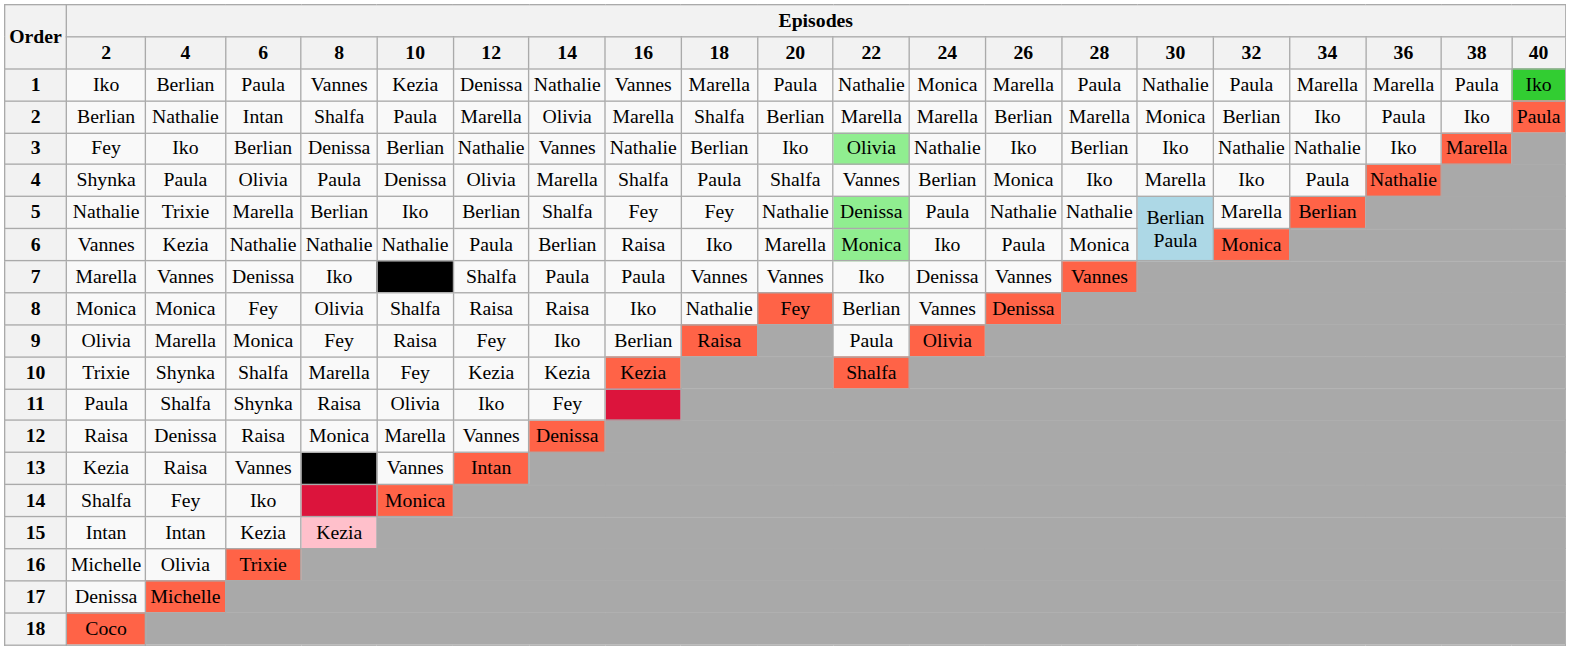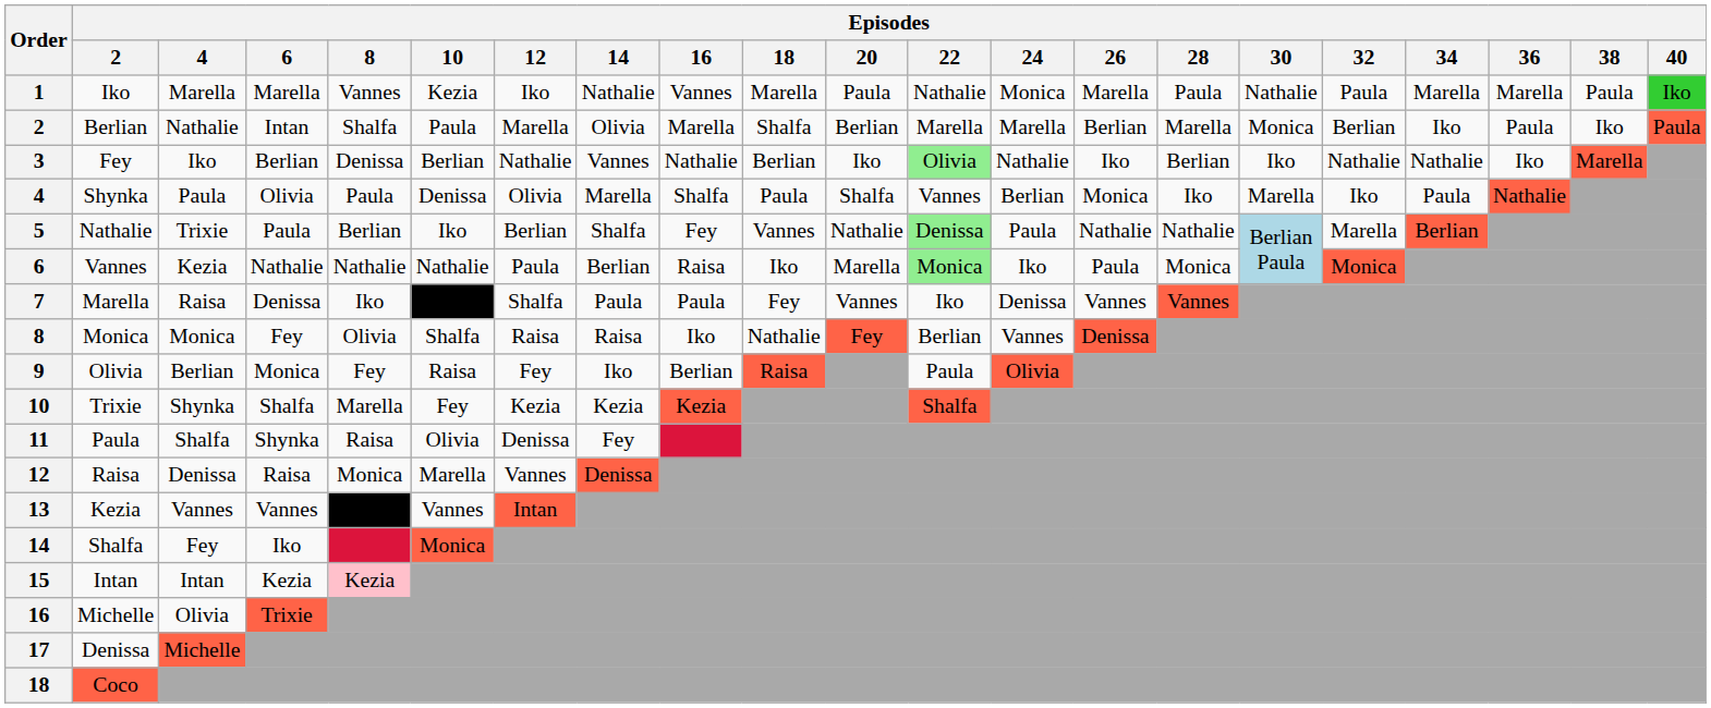 <table class="wikitable" style="text-align:center; font-size:92%">
 <tr>
 <th rowspan="2">Order</th>
 <th colspan="20">Episodes</th>
 </tr>
 <tr>
 <th>2</th>
 <th>4</th>
 <th>6</th>
 <th>8</th>
 <th>10</th>
 <th>12</th>
 <th>14</th>
 <th>16</th>
 <th>18</th>
 <th>20</th>
 <th>22</th>
 <th>24</th>
 <th>26</th>
 <th>28</th>
 <th>30</th>
 <th>32</th>
 <th>34</th>
 <th>36</th>
 <th>38</th>
 <th>40</th>
 </tr>
 <tr>
 <th>1</th>
 <td>Iko</td>
-<td>Berlian</td>
-<td>Paula</td>
+<td>Marella</td>
+<td>Marella</td>
 <td>Vannes</td>
 <td>Kezia</td>
-<td>Denissa</td>
+<td>Iko</td>
 <td>Nathalie</td>
 <td>Vannes</td>
 <td>Marella</td>
 <td>Paula</td>
 <td>Nathalie</td>
 <td>Monica</td>
 <td>Marella</td>
 <td>Paula</td>
 <td>Nathalie</td>
 <td>Paula</td>
 <td>Marella</td>
 <td>Marella</td>
 <td>Paula</td>
 <td bgcolor="limegreen">Iko</td>
 </tr>
 <tr>
 <th>2</th>
 <td>Berlian</td>
 <td>Nathalie</td>
 <td>Intan</td>
 <td>Shalfa</td>
 <td>Paula</td>
 <td>Marella</td>
 <td>Olivia</td>
 <td>Marella</td>
 <td>Shalfa</td>
 <td>Berlian</td>
 <td>Marella</td>
 <td>Marella</td>
 <td>Berlian</td>
 <td>Marella</td>
 <td>Monica</td>
 <td>Berlian</td>
 <td>Iko</td>
 <td>Paula</td>
 <td>Iko</td>
 <td bgcolor="tomato">Paula</td>
 </tr>
 <tr>
 <th>3</th>
 <td>Fey</td>
 <td>Iko</td>
 <td>Berlian</td>
 <td>Denissa</td>
 <td>Berlian</td>
 <td>Nathalie</td>
 <td>Vannes</td>
 <td>Nathalie</td>
 <td>Berlian</td>
 <td>Iko</td>
 <td bgcolor="lightgreen">Olivia</td>
 <td>Nathalie</td>
 <td>Iko</td>
 <td>Berlian</td>
 <td>Iko</td>
 <td>Nathalie</td>
 <td>Nathalie</td>
 <td>Iko</td>
 <td bgcolor="tomato">Marella</td>
 <td colspan="18" bgcolor="darkgrey"></td>
 </tr>
 <tr>
 <th>4</th>
 <td>Shynka</td>
 <td>Paula</td>
 <td>Olivia</td>
 <td>Paula</td>
 <td>Denissa</td>
 <td>Olivia</td>
 <td>Marella</td>
 <td>Shalfa</td>
 <td>Paula</td>
 <td>Shalfa</td>
 <td>Vannes</td>
 <td>Berlian</td>
 <td>Monica</td>
 <td>Iko</td>
 <td>Marella</td>
 <td>Iko</td>
 <td>Paula</td>
 <td bgcolor="tomato">Nathalie</td>
 <td colspan="18" bgcolor="darkgrey"></td>
 </tr>
 <tr>
 <th>5</th>
 <td>Nathalie</td>
 <td>Trixie</td>
-<td>Marella</td>
+<td>Paula</td>
 <td>Berlian</td>
 <td>Iko</td>
 <td>Berlian</td>
 <td>Shalfa</td>
 <td>Fey</td>
-<td>Fey</td>
+<td>Vannes</td>
 <td>Nathalie</td>
 <td bgcolor="lightgreen">Denissa</td>
 <td>Paula</td>
 <td>Nathalie</td>
 <td>Nathalie</td>
 <td rowspan="2" bgcolor="lightblue">Berlian<br>Paula</td>
 <td>Marella</td>
 <td bgcolor="tomato">Berlian</td>
 <td colspan="18" bgcolor="darkgrey"></td>
 </tr>
 <tr>
 <th>6</th>
 <td>Vannes</td>
 <td>Kezia</td>
 <td>Nathalie</td>
 <td>Nathalie</td>
 <td>Nathalie</td>
 <td>Paula</td>
 <td>Berlian</td>
 <td>Raisa</td>
 <td>Iko</td>
 <td>Marella</td>
 <td bgcolor="lightgreen">Monica</td>
 <td>Iko</td>
 <td>Paula</td>
 <td>Monica</td>
 <td bgcolor="tomato">Monica</td>
 <td colspan="18" bgcolor="darkgrey"></td>
 </tr>
 <tr>
 <th>7</th>
 <td>Marella</td>
-<td>Vannes</td>
+<td>Raisa</td>
 <td>Denissa</td>
 <td>Iko</td>
 <td bgcolor="black"></td>
 <td>Shalfa</td>
 <td>Paula</td>
 <td>Paula</td>
-<td>Vannes</td>
+<td>Fey</td>
 <td>Vannes</td>
 <td>Iko</td>
 <td>Denissa</td>
 <td>Vannes</td>
 <td bgcolor="tomato">Vannes</td>
 <td colspan="18" bgcolor="darkgrey"></td>
 </tr>
 <tr>
 <th>8</th>
 <td>Monica</td>
 <td>Monica</td>
 <td>Fey</td>
 <td>Olivia</td>
 <td>Shalfa</td>
 <td>Raisa</td>
 <td>Raisa</td>
 <td>Iko</td>
 <td>Nathalie</td>
 <td bgcolor="tomato">Fey</td>
 <td>Berlian</td>
 <td>Vannes</td>
 <td bgcolor="tomato">Denissa</td>
 <td colspan="18" bgcolor="darkgrey"></td>
 </tr>
 <tr>
 <th>9</th>
 <td>Olivia</td>
-<td>Marella</td>
+<td>Berlian</td>
 <td>Monica</td>
 <td>Fey</td>
 <td>Raisa</td>
 <td>Fey</td>
 <td>Iko</td>
 <td>Berlian</td>
 <td bgcolor="tomato">Raisa</td>
 <td bgcolor="darkgrey"></td>
 <td>Paula</td>
 <td bgcolor="tomato">Olivia</td>
 <td colspan="18" bgcolor="darkgrey"></td>
 </tr>
 <tr>
 <th>10</th>
 <td>Trixie</td>
 <td>Shynka</td>
 <td>Shalfa</td>
 <td>Marella</td>
 <td>Fey</td>
 <td>Kezia</td>
 <td>Kezia</td>
 <td bgcolor="tomato">Kezia</td>
 <td colspan="2" bgcolor="darkgrey"></td>
 <td bgcolor="tomato">Shalfa</td>
 <td colspan="18" bgcolor="darkgrey"></td>
 </tr>
 <tr>
 <th>11</th>
 <td>Paula</td>
 <td>Shalfa</td>
 <td>Shynka</td>
 <td>Raisa</td>
 <td>Olivia</td>
-<td>Iko</td>
+<td>Denissa</td>
 <td>Fey</td>
 <td bgcolor="crimson"></td>
 <td colspan="18" bgcolor="darkgrey"></td>
 </tr>
 <tr>
 <th>12</th>
 <td>Raisa</td>
 <td>Denissa</td>
 <td>Raisa</td>
 <td>Monica</td>
 <td>Marella</td>
 <td>Vannes</td>
 <td bgcolor="tomato">Denissa</td>
 <td colspan="18" bgcolor="darkgrey"></td>
 </tr>
 <tr>
 <th>13</th>
 <td>Kezia</td>
-<td>Raisa</td>
+<td>Vannes</td>
 <td>Vannes</td>
 <td bgcolor="black"></td>
 <td>Vannes</td>
 <td bgcolor="tomato">Intan</td>
 <td colspan="18" bgcolor="darkgrey"></td>
 </tr>
 <tr>
 <th>14</th>
 <td>Shalfa</td>
 <td>Fey</td>
 <td>Iko</td>
 <td bgcolor="crimson"></td>
 <td bgcolor="tomato">Monica</td>
 <td colspan="18" bgcolor="darkgrey"></td>
 </tr>
 <tr>
 <th>15</th>
 <td>Intan</td>
 <td>Intan</td>
 <td>Kezia</td>
 <td bgcolor="pink">Kezia</td>
 <td colspan="18" bgcolor="darkgrey"></td>
 </tr>
 <tr>
 <th>16</th>
 <td>Michelle</td>
 <td>Olivia</td>
 <td bgcolor="tomato">Trixie</td>
 <td colspan="18" bgcolor="darkgrey"></td>
 </tr>
 <tr>
 <th>17</th>
 <td>Denissa</td>
 <td bgcolor="tomato">Michelle</td>
 <td colspan="18" bgcolor="darkgrey"></td>
 </tr>
 <tr>
 <th>18</th>
 <td bgcolor="tomato">Coco</td>
 <td colspan="19" bgcolor="darkgrey"></td>
 </tr>
 </table>
